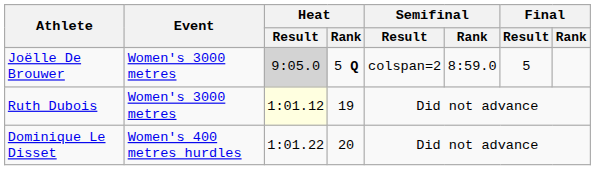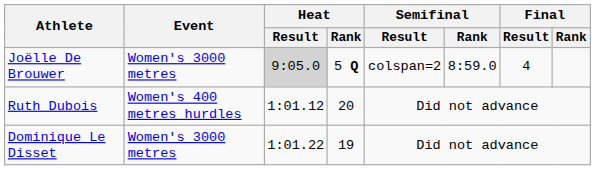 <table class="wikitable" style="font-size:90%; width:40%">
 <tr>
 <th rowspan="2">Athlete</th>
 <th rowspan="2">Event</th>
 <th colspan="2">Heat</th>
 <th colspan="2">Semifinal</th>
 <th colspan="2">Final</th>
 </tr>
 <tr style="font-size:95%">
 <th>Result</th>
 <th>Rank</th>
 <th>Result</th>
 <th>Rank</th>
 <th>Result</th>
 <th>Rank</th>
 </tr>
 <tr align=center>
 <td align=left><a href='#'>Joëlle De Brouwer</a></td>
 <td align=left><a href='#'>Women's 3000 metres</a></td>
 <td style="background: lightgrey;">9:05.0</td>
 <td>5 <strong>Q</strong></td>
 <td>colspan=2 </td>
 <td>8:59.0</td>
-<td>5</td>
+<td>4</td>
 </tr>
 <tr align=center>
 <td align=left><a href='#'>Ruth Dubois</a></td>
-<td align=left><a href='#'>Women's 3000 metres</a></td>
-<td style="background: lightyellow;">1:01.12</td>
-<td>19</td>
+<td align=left><a href='#'>Women's 400 metres hurdles</a></td>
+<td>1:01.12</td>
+<td>20</td>
 <td colspan=4>Did not advance</td>
 </tr>
 <tr align=center>
 <td align=left><a href='#'>Dominique Le Disset</a></td>
-<td align=left><a href='#'>Women's 400 metres hurdles</a></td>
+<td align=left><a href='#'>Women's 3000 metres</a></td>
 <td>1:01.22</td>
-<td>20</td>
+<td>19</td>
 <td colspan=4>Did not advance</td>
 </tr>
 </table>
